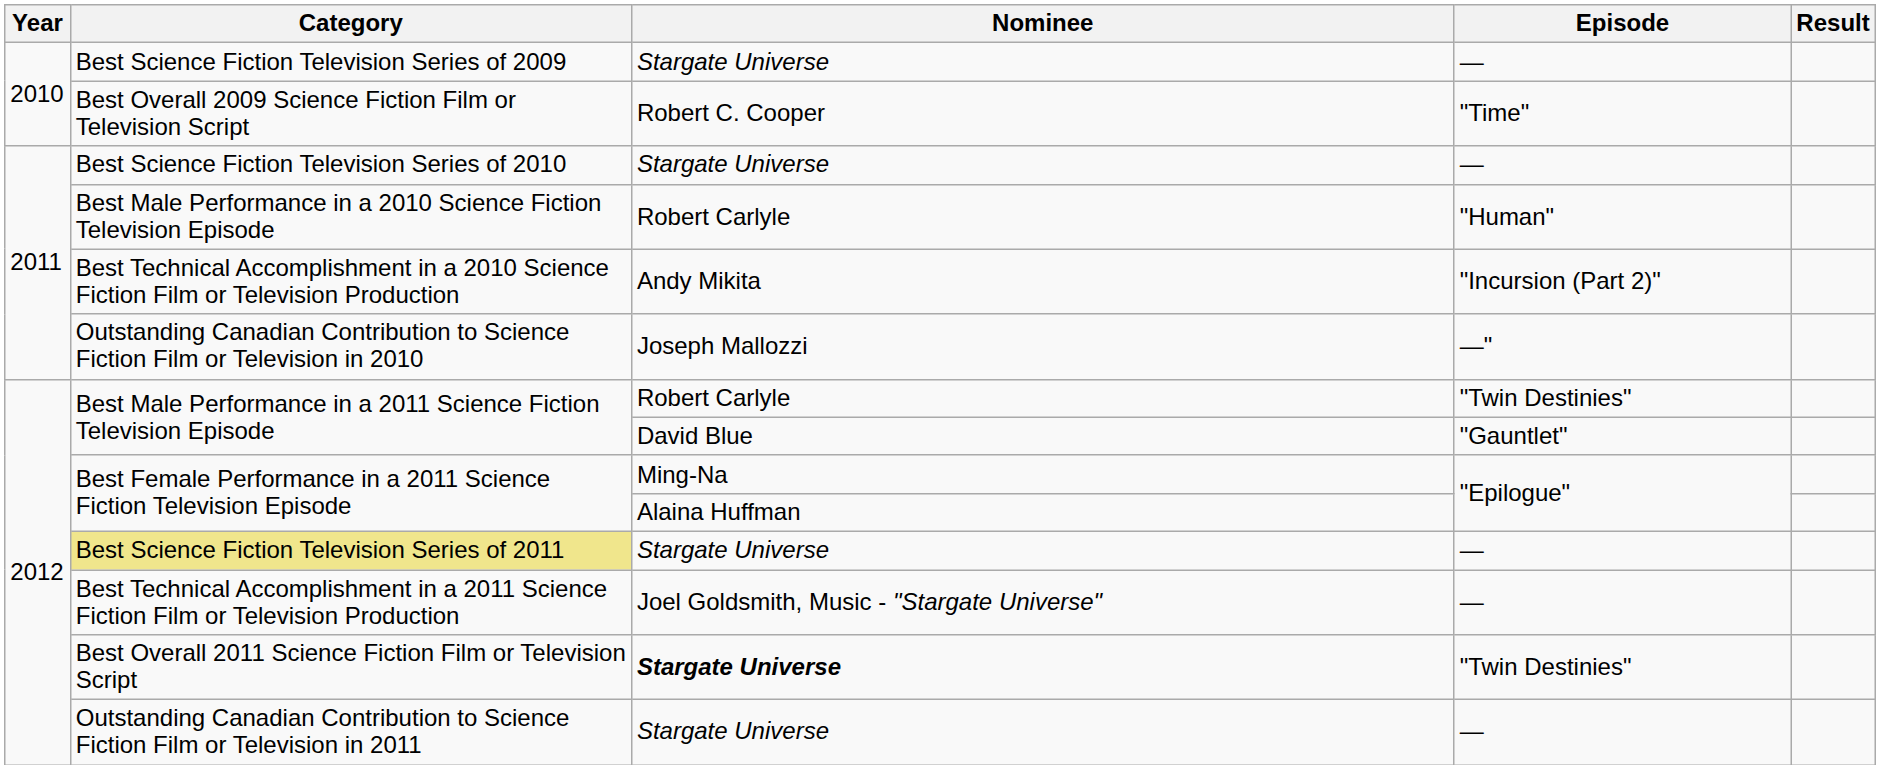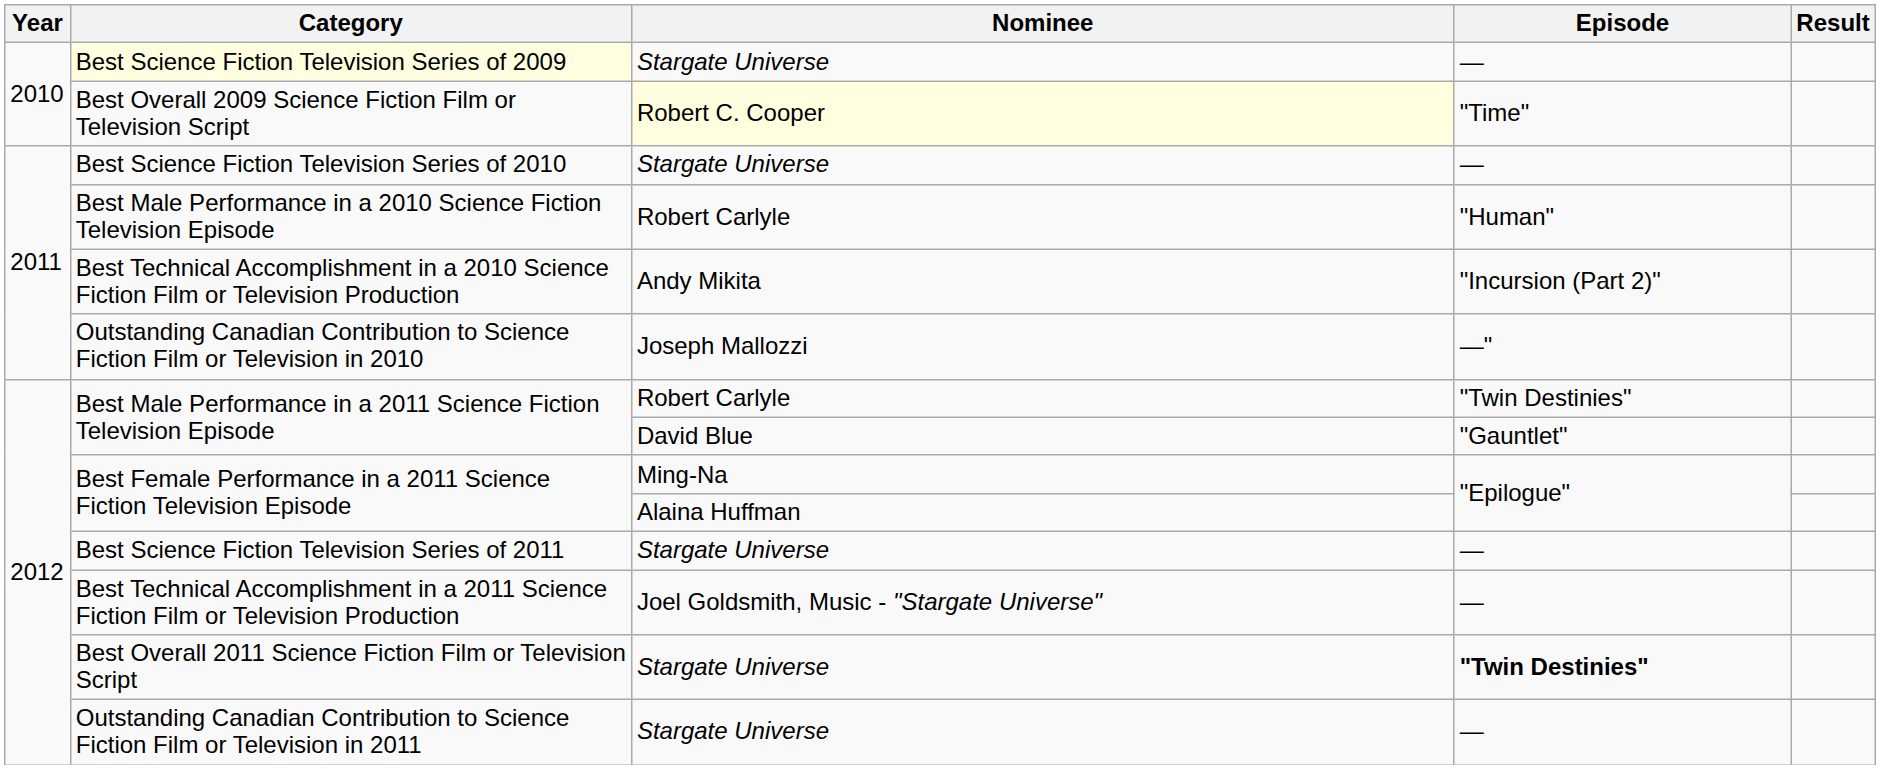 <table class="wikitable">
 <tr>
 <th width="3.5%">Year</th>
 <th width="30%">Category</th>
 <th>Nominee</th>
 <th width="18%">Episode</th>
 <th width="3.5%">Result</th>
 </tr>
 <tr>
 <td rowspan=2>2010</td>
-<td>Best Science Fiction Television Series of 2009</td>
+<td style="background: lightyellow;">Best Science Fiction Television Series of 2009</td>
 <td><em>Stargate Universe</em></td>
 <td>—</td>
 <td></td>
 </tr>
 <tr>
 <td>Best Overall 2009 Science Fiction Film or Television Script</td>
-<td>Robert C. Cooper</td>
+<td style="background: lightyellow;">Robert C. Cooper</td>
 <td>"Time"</td>
 <td></td>
 </tr>
 <tr>
 <td rowspan=4>2011</td>
 <td>Best Science Fiction Television Series of 2010</td>
 <td><em>Stargate Universe</em></td>
 <td>—</td>
 <td></td>
 </tr>
 <tr>
 <td>Best Male Performance in a 2010 Science Fiction Television Episode</td>
 <td>Robert Carlyle</td>
 <td>"Human"</td>
 <td></td>
 </tr>
 <tr>
 <td>Best Technical Accomplishment in a 2010 Science Fiction Film or Television Production</td>
 <td>Andy Mikita</td>
 <td>"Incursion (Part 2)"</td>
 <td></td>
 </tr>
 <tr>
 <td>Outstanding Canadian Contribution to Science Fiction Film or Television in 2010</td>
 <td>Joseph Mallozzi</td>
 <td>—"</td>
 <td></td>
 </tr>
 <tr>
 <td rowspan=8>2012</td>
 <td rowspan=2>Best Male Performance in a 2011 Science Fiction Television Episode</td>
 <td>Robert Carlyle</td>
 <td>"Twin Destinies"</td>
 <td></td>
 </tr>
 <tr>
 <td>David Blue</td>
 <td>"Gauntlet"</td>
 <td></td>
 </tr>
 <tr>
 <td rowspan=2>Best Female Performance in a 2011 Science Fiction Television Episode</td>
 <td>Ming-Na</td>
 <td rowspan=2>"Epilogue"</td>
 <td></td>
 </tr>
 <tr>
 <td>Alaina Huffman</td>
 <td></td>
 </tr>
 <tr>
-<td style="background: khaki;">Best Science Fiction Television Series of 2011</td>
+<td>Best Science Fiction Television Series of 2011</td>
 <td><em>Stargate Universe</em></td>
 <td>—</td>
 <td></td>
 </tr>
 <tr>
 <td>Best Technical Accomplishment in a 2011 Science Fiction Film or Television Production</td>
 <td>Joel Goldsmith, Music - <em>"Stargate Universe"</em></td>
 <td>—</td>
 <td></td>
 </tr>
 <tr>
 <td>Best Overall 2011 Science Fiction Film or Television Script</td>
-<td><strong><em>Stargate Universe</em></strong></td>
-<td>"Twin Destinies"</td>
+<td><em>Stargate Universe</em></td>
+<td><strong>"Twin Destinies"</strong></td>
 <td></td>
 </tr>
 <tr>
 <td>Outstanding Canadian Contribution to Science Fiction Film or Television in 2011</td>
 <td><em>Stargate Universe</em></td>
 <td>—</td>
 <td></td>
 </tr>
 </table>
